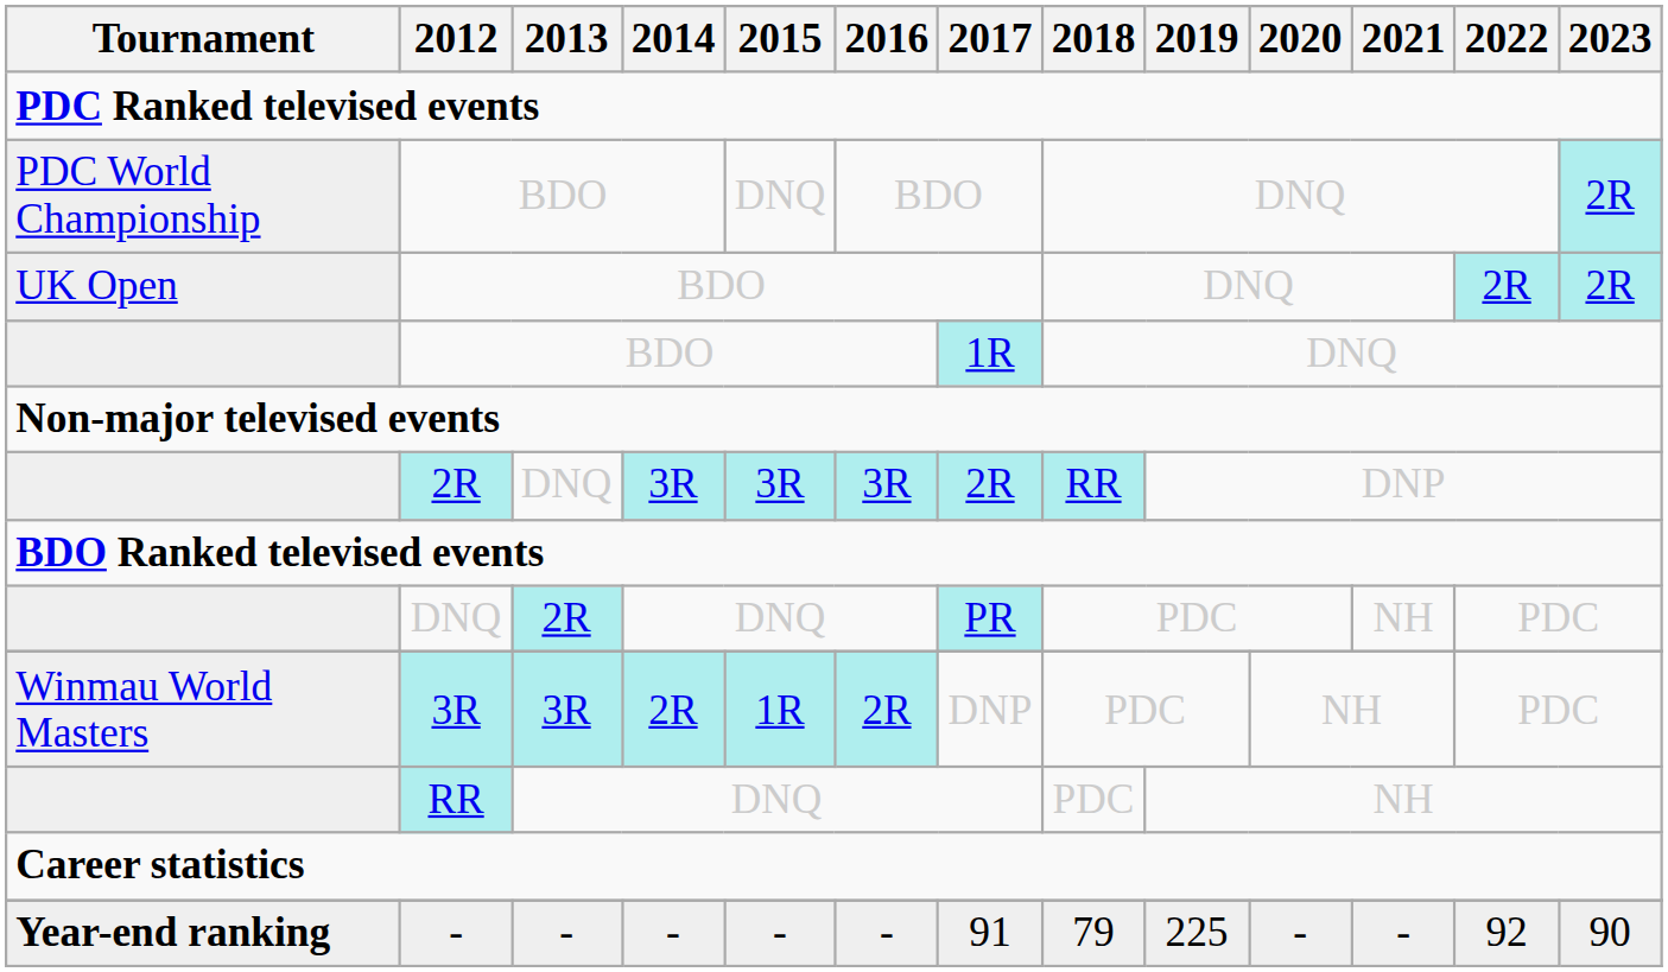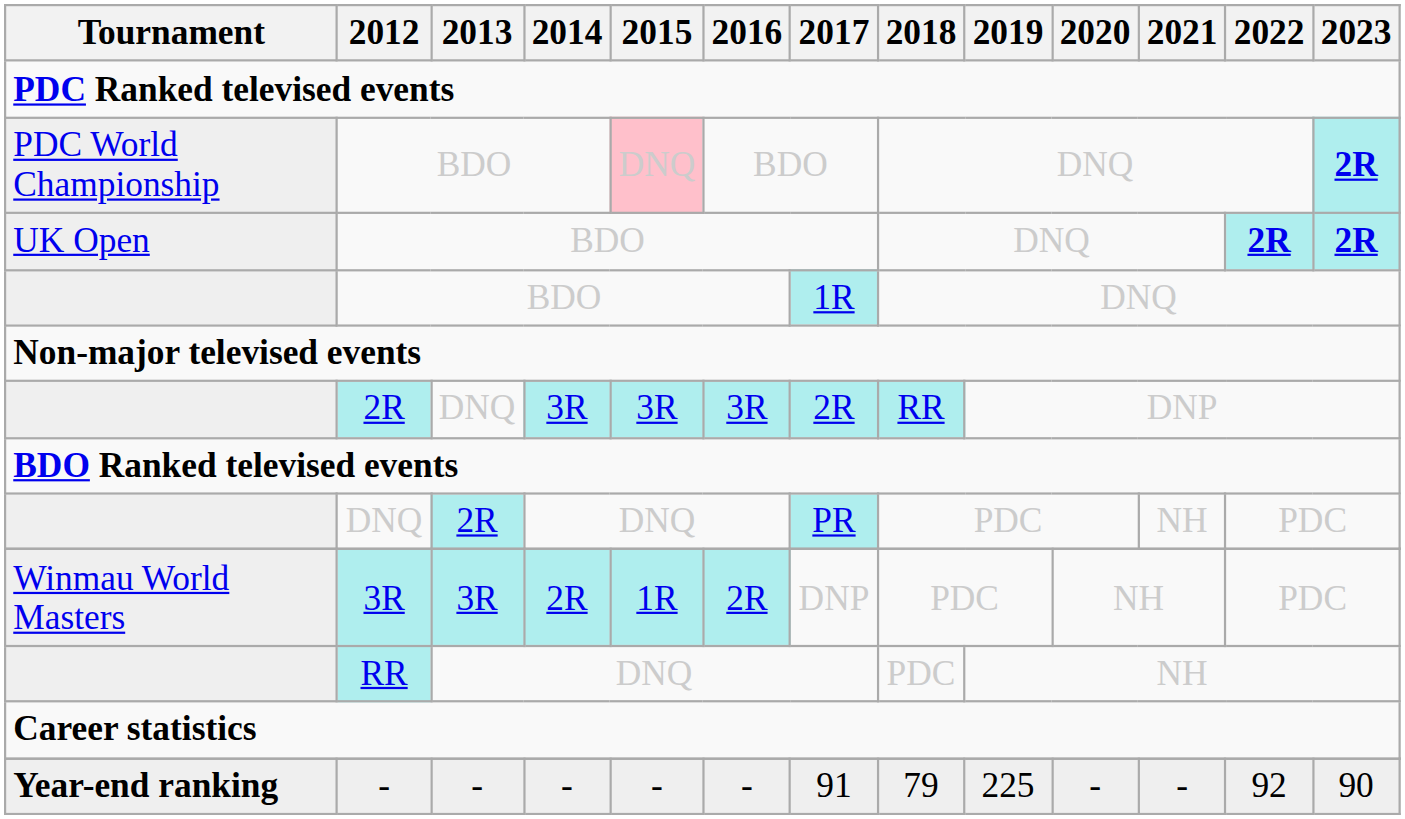 <table class="wikitable" style="width:50%; margin:0">
 <tr>
 <th>Tournament</th>
 <th>2012</th>
 <th>2013</th>
 <th>2014</th>
 <th>2015</th>
 <th>2016</th>
 <th>2017</th>
 <th>2018</th>
 <th>2019</th>
 <th>2020</th>
 <th>2021</th>
 <th>2022</th>
 <th>2023</th>
 </tr>
 <tr>
 <td colspan="31" align="left"><strong><a href='#'>PDC</a> Ranked televised events</strong></td>
 </tr>
 <tr>
 <td style="background:#efefef;"><a href='#'>PDC World Championship</a></td>
 <td colspan="3" style="text-align:center; color:#ccc;">BDO</td>
-<td colspan="1" style="text-align:center; color:#ccc;">DNQ</td>
+<td colspan="1" style="background: pink; text-align:center; color:#ccc;">DNQ</td>
 <td colspan="2" style="text-align:center; color:#ccc;">BDO</td>
 <td colspan="5" style="text-align:center; color:#ccc;">DNQ</td>
-<td style="text-align:center; background:#afeeee;"><a href='#'>2R</a></td>
+<td style="text-align:center; background:#afeeee;"><strong><a href='#'>2R</a></strong></td>
 </tr>
 <tr>
 <td style="background:#efefef;"><a href='#'>UK Open</a></td>
 <td colspan="6" style="text-align:center; color:#ccc;">BDO</td>
 <td colspan="4" style="text-align:center; color:#ccc;">DNQ</td>
-<td style="text-align:center; background:#afeeee;"><a href='#'>2R</a></td>
-<td style="text-align:center; background:#afeeee;"><a href='#'>2R</a></td>
+<td style="text-align:center; background:#afeeee;"><strong><a href='#'>2R</a></strong></td>
+<td style="text-align:center; background:#afeeee;"><strong><a href='#'>2R</a></strong></td>
 </tr>
 <tr>
 <td style="background:#efefef;"></td>
 <td colspan="5" style="text-align:center; color:#ccc;">BDO</td>
 <td style="text-align:center; background:#afeeee;"><a href='#'>1R</a></td>
 <td colspan="6"; style="text-align:center; color:#ccc;">DNQ</td>
 </tr>
 <tr>
 <td colspan="15" align="left"><strong>Non-major televised events</strong></td>
 </tr>
 <tr>
 <td style="background:#efefef;"></td>
 <td style="text-align:center; background:#afeeee;"><a href='#'>2R</a></td>
 <td style="text-align:center; color:#ccc;">DNQ</td>
 <td style="text-align:center; background:#afeeee;"><a href='#'>3R</a></td>
 <td style="text-align:center; background:#afeeee;"><a href='#'>3R</a></td>
 <td style="text-align:center; background:#afeeee;"><a href='#'>3R</a></td>
 <td style="text-align:center; background:#afeeee;"><a href='#'>2R</a></td>
 <td style="text-align:center; background:#afeeee;"><a href='#'>RR</a></td>
 <td colspan="5" style="text-align:center; color:#ccc;">DNP</td>
 </tr>
 <tr>
 <td colspan="31" align="left"><strong><a href='#'>BDO</a> Ranked televised events</strong></td>
 </tr>
 <tr>
 <td style="background:#efefef;"></td>
 <td colspan="1" style="text-align:center; color:#ccc;">DNQ</td>
 <td style="text-align:center; background:#afeeee;"><a href='#'>2R</a></td>
 <td colspan="3" style="text-align:center; color:#ccc;">DNQ</td>
 <td style="text-align:center; background:#afeeee;"><a href='#'>PR</a></td>
 <td colspan="3" style="text-align:center; color:#ccc;">PDC</td>
 <td style="text-align:center; color:#ccc;">NH</td>
 <td colspan="2" style="text-align:center; color:#ccc;">PDC</td>
 </tr>
 <tr>
 </tr>
 <tr>
 <td style="background:#efefef;"><a href='#'>Winmau World Masters</a></td>
 <td style="text-align:center; background:#afeeee;"><a href='#'>3R</a></td>
 <td style="text-align:center; background:#afeeee;"><a href='#'>3R</a></td>
 <td style="text-align:center; background:#afeeee;"><a href='#'>2R</a></td>
 <td style="text-align:center; background:#afeeee;"><a href='#'>1R</a></td>
 <td style="text-align:center; background:#afeeee;"><a href='#'>2R</a></td>
 <td style="text-align:center; color:#ccc;">DNP</td>
 <td colspan="2" style="text-align:center; color:#ccc;">PDC</td>
 <td colspan="2" style="text-align:center; color:#ccc;">NH</td>
 <td colspan="2" style="text-align:center; color:#ccc;">PDC</td>
 </tr>
 <tr>
 <td style="background:#efefef;"></td>
 <td style="text-align:center; background:#afeeee;"><a href='#'>RR</a></td>
 <td colspan="5" style="text-align:center; color:#ccc;">DNQ</td>
 <td colspan="1" style="text-align:center; color:#ccc;">PDC</td>
 <td colspan="5" style="text-align:center; color:#ccc;">NH</td>
 </tr>
 <tr>
 <td colspan="30" align="left"><strong>Career statistics</strong></td>
 </tr>
 <tr>
 </tr>
 <tr bgcolor="efefef">
 <td align="left"><strong>Year-end ranking</strong></td>
 <td style="text-align:center;">-</td>
 <td style="text-align:center;">-</td>
 <td style="text-align:center;">-</td>
 <td style="text-align:center;">-</td>
 <td style="text-align:center;">-</td>
 <td style="text-align:center;">91</td>
 <td style="text-align:center;">79</td>
 <td style="text-align:center;">225</td>
 <td style="text-align:center;">-</td>
 <td style="text-align:center;">-</td>
 <td style="text-align:center;">92</td>
 <td style="text-align:center;">90</td>
 </tr>
 </table>
